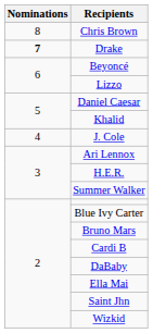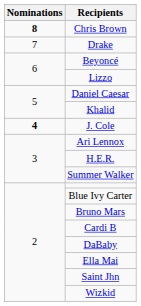 <table class="wikitable" rowspan="2" style="text-align:center;" background: #f6e39c;>
 <tr>
 <th scope="col" style="width:55px;text-align:center;">Nominations</th>
 <th scope="col" style="text-align:center;">Recipients</th>
 </tr>
 <tr>
-<td>8</td>
+<td><strong>8</strong></td>
 <td><a href='#'>Chris Brown</a></td>
 </tr>
 <tr>
-<td><strong>7</strong></td>
+<td>7</td>
 <td><a href='#'>Drake</a></td>
 </tr>
 <tr>
 <td rowspan="2">6</td>
 <td><a href='#'>Beyoncé</a></td>
 </tr>
 <tr>
 <td><a href='#'>Lizzo</a></td>
 </tr>
 <tr>
 <td rowspan="2">5</td>
 <td><a href='#'>Daniel Caesar</a></td>
 </tr>
 <tr>
 <td><a href='#'>Khalid</a></td>
 </tr>
 <tr>
-<td>4</td>
+<td><strong>4</strong></td>
 <td><a href='#'>J. Cole</a></td>
 </tr>
 <tr>
 <td rowspan="3">3</td>
 <td><a href='#'>Ari Lennox</a></td>
 </tr>
 <tr>
 <td><a href='#'>H.E.R.</a></td>
 </tr>
 <tr>
 <td><a href='#'>Summer Walker</a></td>
 </tr>
 <tr>
 <td rowspan="8">2</td>
 <td></td>
 </tr>
 <tr>
 <td>Blue Ivy Carter</td>
 </tr>
 <tr>
 <td><a href='#'>Bruno Mars</a></td>
 </tr>
 <tr>
 <td><a href='#'>Cardi B</a></td>
 </tr>
 <tr>
 <td><a href='#'>DaBaby</a></td>
 </tr>
 <tr>
 <td><a href='#'>Ella Mai</a></td>
 </tr>
 <tr>
 <td><a href='#'>Saint Jhn</a></td>
 </tr>
 <tr>
 <td><a href='#'>Wizkid</a></td>
 </tr>
 </table>
